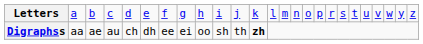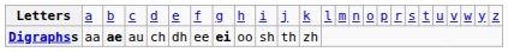 <table class="wikitable">
 <tr>
 <th>Letters</th>
 <td><a href='#'>a</a></td>
 <td><a href='#'>b</a></td>
 <td><a href='#'>c</a></td>
 <td><a href='#'>d</a></td>
 <td><a href='#'>e</a></td>
 <td><a href='#'>f</a></td>
 <td><a href='#'>g</a></td>
 <td><a href='#'>h</a></td>
 <td><a href='#'>i</a></td>
 <td><a href='#'>j</a></td>
 <td><a href='#'>k</a></td>
 <td><a href='#'>l</a></td>
 <td><a href='#'>m</a></td>
 <td><a href='#'>n</a></td>
 <td><a href='#'>o</a></td>
 <td><a href='#'>p</a></td>
 <td><a href='#'>r</a></td>
 <td><a href='#'>s</a></td>
 <td><a href='#'>t</a></td>
 <td><a href='#'>u</a></td>
 <td><a href='#'>v</a></td>
 <td><a href='#'>w</a></td>
 <td><a href='#'>y</a></td>
 <td><a href='#'>z</a></td>
 </tr>
 <tr>
 <th><a href='#'>Digraphs</a>s</th>
 <td>aa</td>
-<td>ae</td>
+<td><strong>ae</strong></td>
 <td>au</td>
 <td>ch</td>
 <td>dh</td>
 <td>ee</td>
-<td>ei</td>
+<td><strong>ei</strong></td>
 <td>oo</td>
 <td>sh</td>
 <td>th</td>
-<td><strong>zh</strong></td>
+<td>zh</td>
 </tr>
 </table>
